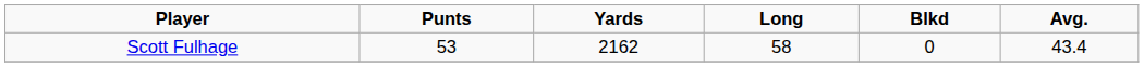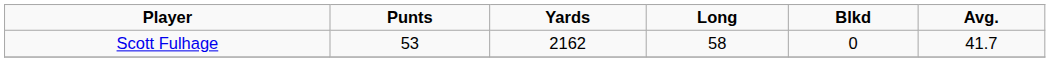 <table class="wikitable" width="80%">
 <tr align="center">
 <td><strong>Player</strong></td>
 <td><strong>Punts</strong></td>
 <td><strong>Yards</strong></td>
 <td><strong>Long</strong></td>
 <td><strong>Blkd</strong></td>
 <td><strong>Avg.</strong></td>
 </tr>
 <tr align="center" bgcolor="">
 <td><a href='#'>Scott Fulhage</a></td>
 <td>53</td>
 <td>2162</td>
 <td>58</td>
 <td>0</td>
-<td>43.4</td>
+<td>41.7</td>
 </tr>
 <tr align="center" bgcolor="">
 </tr>
 </table>
